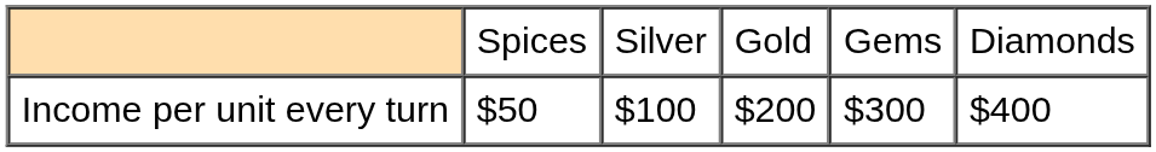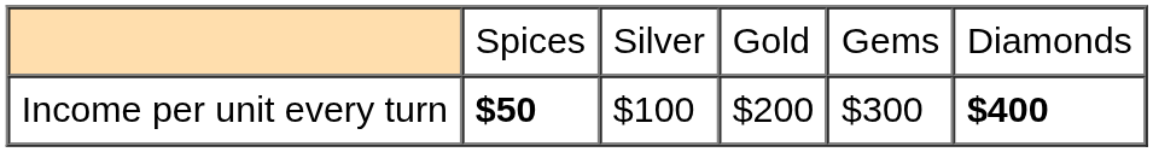 <table border="1" cellpadding="5" cellspacing="0" style="margin:auto;">
 <tr>
 <td style="background:#ffdead;"></td>
 <td>Spices</td>
 <td>Silver</td>
 <td>Gold</td>
 <td>Gems</td>
 <td>Diamonds</td>
 </tr>
 <tr>
 <td>Income per unit every turn</td>
-<td>$50</td>
+<td><strong>$50</strong></td>
 <td>$100</td>
 <td>$200</td>
 <td>$300</td>
-<td>$400</td>
+<td><strong>$400</strong></td>
 </tr>
 </table>
